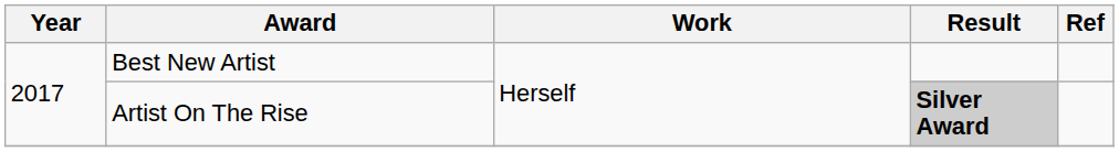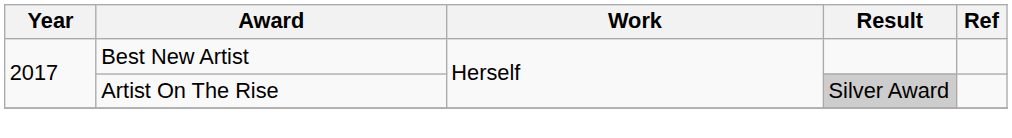 <table class="wikitable">
 <tr>
 <th width=60>Year</th>
 <th style="width:250px;">Award</th>
 <th style="width:270px;">Work</th>
 <th width="90">Result</th>
 <th width="30">Ref</th>
 </tr>
 <tr>
 <td rowspan="2">2017</td>
 <td>Best New Artist</td>
 <td rowspan="2">Herself</td>
 <td></td>
 <td></td>
 </tr>
 <tr>
 <td>Artist On The Rise</td>
-<td style="background: #cdcdcd"><strong><div>Silver Award</div></strong></td>
+<td style="background: #cdcdcd"><div>Silver Award</div></td>
 <td></td>
 </tr>
 <tr>
 </tr>
 </table>
